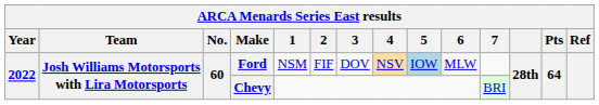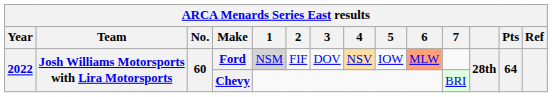 <table class="wikitable" style="text-align:center; font-size:75%">
 <tr>
 <th colspan="23"><a href='#'>ARCA Menards Series East</a> results</th>
 </tr>
 <tr>
 <th>Year</th>
 <th>Team</th>
 <th>No.</th>
 <th>Make</th>
 <th>1</th>
 <th>2</th>
 <th>3</th>
 <th>4</th>
 <th>5</th>
 <th>6</th>
 <th>7</th>
 <th></th>
 <th>Pts</th>
 <th>Ref</th>
 </tr>
 <tr>
 <th rowspan=2><a href='#'>2022</a></th>
 <th rowspan=2><a href='#'>Josh Williams Motorsports</a> <br> with <a href='#'>Lira Motorsports</a></th>
 <th rowspan=2>60</th>
 <th><a href='#'>Ford</a></th>
-<td><a href='#'>NSM</a></td>
+<td style="background: lightgrey;"><a href='#'>NSM</a></td>
 <td><a href='#'>FIF</a></td>
 <td><a href='#'>DOV</a></td>
 <td style="background:#FFDF9F;"><a href='#'>NSV</a><br></td>
-<td style="background: lightblue;"><a href='#'>IOW</a></td>
-<td><a href='#'>MLW</a></td>
+<td><a href='#'>IOW</a></td>
+<td style="background: lightsalmon;"><a href='#'>MLW</a></td>
 <td></td>
 <th rowspan=2>28th</th>
 <th rowspan=2>64</th>
 <th rowspan=2></th>
 </tr>
 <tr>
 <th><a href='#'>Chevy</a></th>
 <td colspan=6></td>
 <td style="background:#DFFFDF;"><a href='#'>BRI</a><br></td>
 </tr>
 </table>
